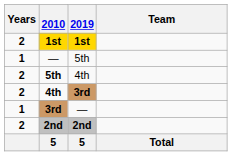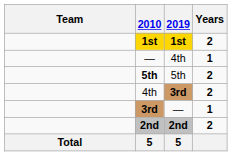 <table class="wikitable" style="text-align:center; font-size:90%">
 <tr>
-<th width=40>Years</th>
+<th width=170>Team</th>
 <th width=25><br><a href='#'>2010</a></th>
 <th width=25><br><a href='#'>2019</a></th>
-<th width=170>Team</th>
+<th width=40>Years</th>
 </tr>
 <tr>
-<td><strong>2</strong></td>
+<td align=left></td>
 <td bgcolor=gold><strong>1st</strong></td>
 <td bgcolor=gold><strong>1st</strong></td>
-<td align=left></td>
+<td><strong>2</strong></td>
 </tr>
 <tr>
+<td align=left></td>
+<td>—</td>
+<td>4th</td>
 <td><strong>1</strong></td>
-<td>—</td>
-<td>5th</td>
-<td align=left></td>
 </tr>
 <tr>
+<td align=left></td>
+<td><strong>5th</strong></td>
+<td>5th</td>
 <td><strong>2</strong></td>
-<td><strong>5th</strong></td>
-<td>4th</td>
-<td align=left></td>
 </tr>
 <tr>
+<td align=left></td>
+<td>4th</td>
+<td bgcolor=cc9966><strong>3rd</strong></td>
 <td><strong>2</strong></td>
-<td><strong>4th</strong></td>
-<td bgcolor=cc9966><strong>3rd</strong></td>
-<td align=left></td>
 </tr>
 <tr>
-<td><strong>1</strong></td>
+<td align=left></td>
 <td bgcolor=cc9966><strong>3rd</strong></td>
 <td>—</td>
-<td align=left></td>
+<td><strong>1</strong></td>
 </tr>
 <tr>
-<td><strong>2</strong></td>
+<td align=left></td>
 <td bgcolor=silver><strong>2nd</strong></td>
 <td bgcolor=silver><strong>2nd</strong></td>
-<td align=left></td>
+<td><strong>2</strong></td>
 </tr>
 <tr>
-<th></th>
+<th>Total</th>
 <th>5</th>
 <th>5</th>
-<th>Total</th>
+<th></th>
 </tr>
 </table>
